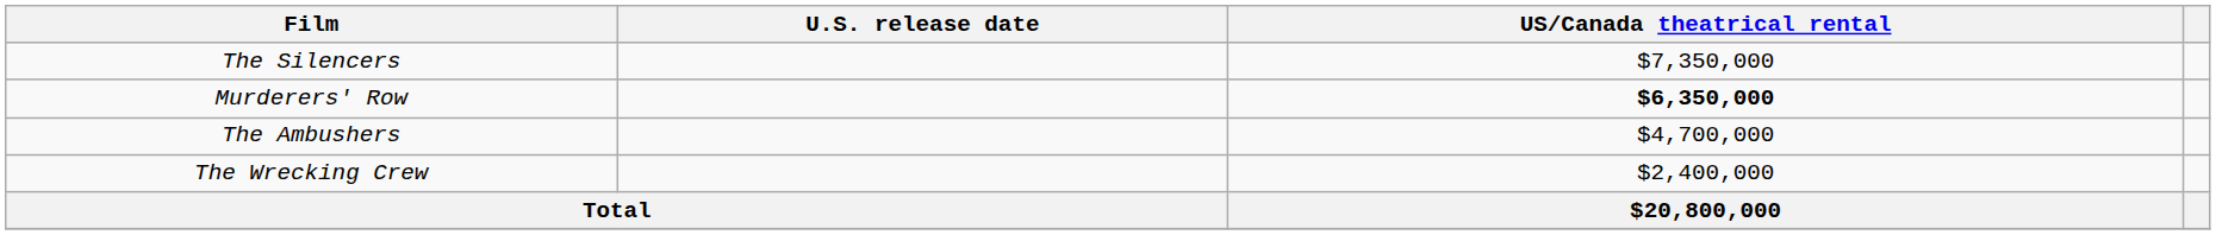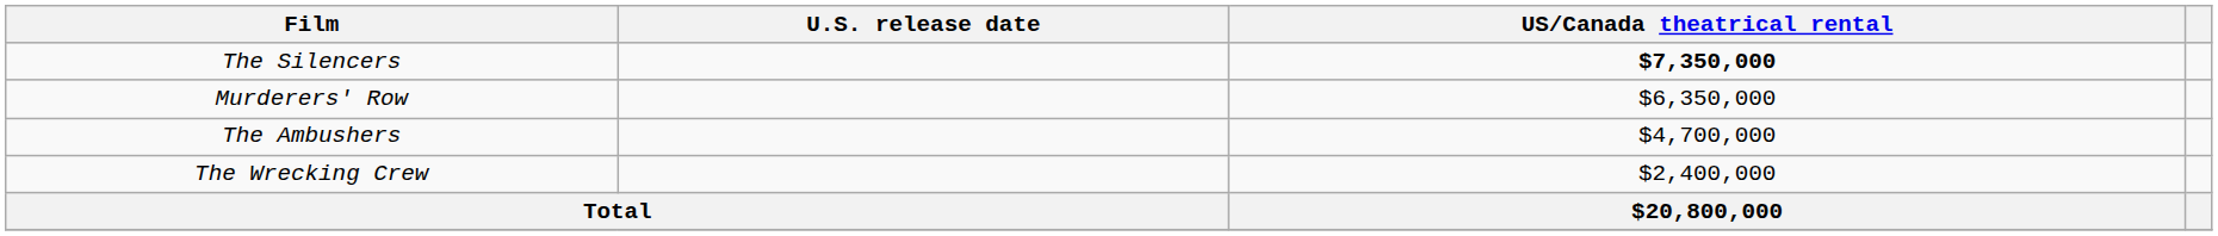 <table class="wikitable sortable" style="text-align: center" width=99%>
 <tr>
 <th>Film</th>
 <th>U.S. release date</th>
 <th>US/Canada <a href='#'>theatrical rental</a></th>
 <th class=unsortable></th>
 </tr>
 <tr>
 <td><em>The Silencers</em></td>
 <td></td>
-<td>$7,350,000</td>
+<td><strong>$7,350,000</strong></td>
 <td></td>
 </tr>
 <tr>
 <td><em>Murderers' Row</em></td>
 <td></td>
-<td><strong>$6,350,000</strong></td>
+<td>$6,350,000</td>
 <td></td>
 </tr>
 <tr>
 <td><em>The Ambushers</em></td>
 <td></td>
 <td>$4,700,000</td>
 <td></td>
 </tr>
 <tr>
 <td><em>The Wrecking Crew</em></td>
 <td></td>
 <td>$2,400,000</td>
 <td></td>
 </tr>
 <tr>
 <th colspan="2" style="text-align:center;">Total</th>
 <th>$20,800,000</th>
 <th></th>
 </tr>
 <tr>
 </tr>
 </table>
